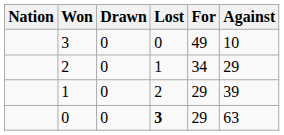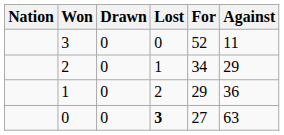 <table class="wikitable">
 <tr>
 <th>Nation</th>
 <th>Won</th>
 <th>Drawn</th>
 <th>Lost</th>
 <th>For</th>
 <th>Against</th>
 </tr>
 <tr>
 <td></td>
 <td>3</td>
 <td>0</td>
 <td>0</td>
-<td>49</td>
-<td>10</td>
+<td>52</td>
+<td>11</td>
 </tr>
 <tr>
 <td></td>
 <td>2</td>
 <td>0</td>
 <td>1</td>
 <td>34</td>
 <td>29</td>
 </tr>
 <tr>
 <td></td>
 <td>1</td>
 <td>0</td>
 <td>2</td>
 <td>29</td>
-<td>39</td>
+<td>36</td>
 </tr>
 <tr>
 <td></td>
 <td>0</td>
 <td>0</td>
 <td><strong>3</strong></td>
-<td>29</td>
+<td>27</td>
 <td>63</td>
 </tr>
 </table>
